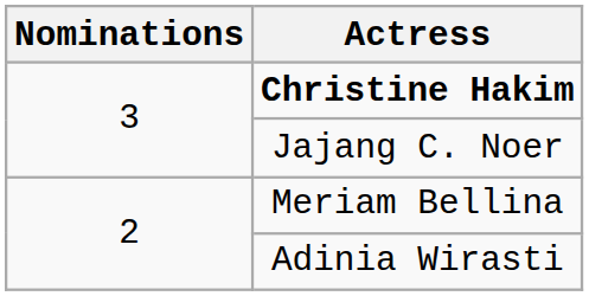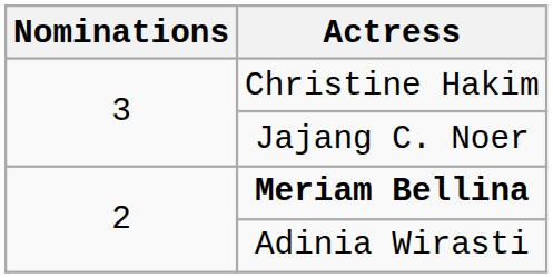 <table class="wikitable" style="text-align:center;">
 <tr>
 <th scope="col" width="55">Nominations</th>
 <th scope="col" align="center">Actress</th>
 </tr>
 <tr>
 <td rowspan="2">3</td>
-<td><strong>Christine Hakim</strong></td>
+<td>Christine Hakim</td>
 </tr>
 <tr>
 <td>Jajang C. Noer</td>
 </tr>
 <tr>
 <td rowspan="2">2</td>
-<td>Meriam Bellina</td>
+<td><strong>Meriam Bellina</strong></td>
 </tr>
 <tr>
 <td>Adinia Wirasti</td>
 </tr>
 </table>
